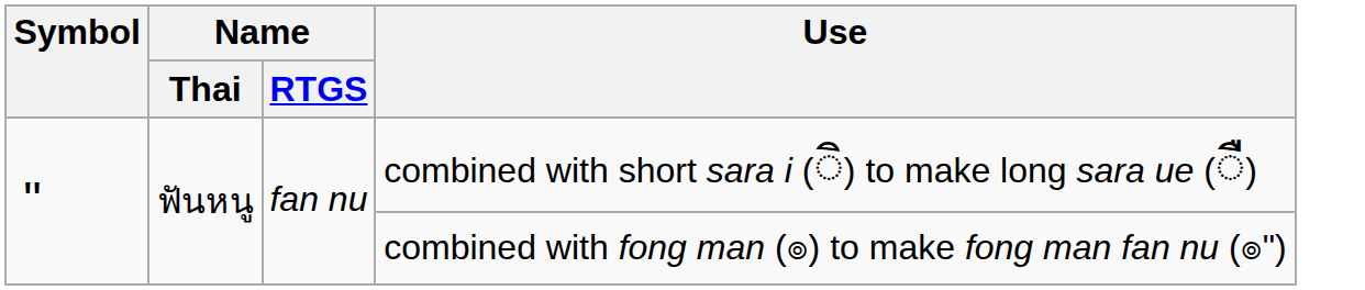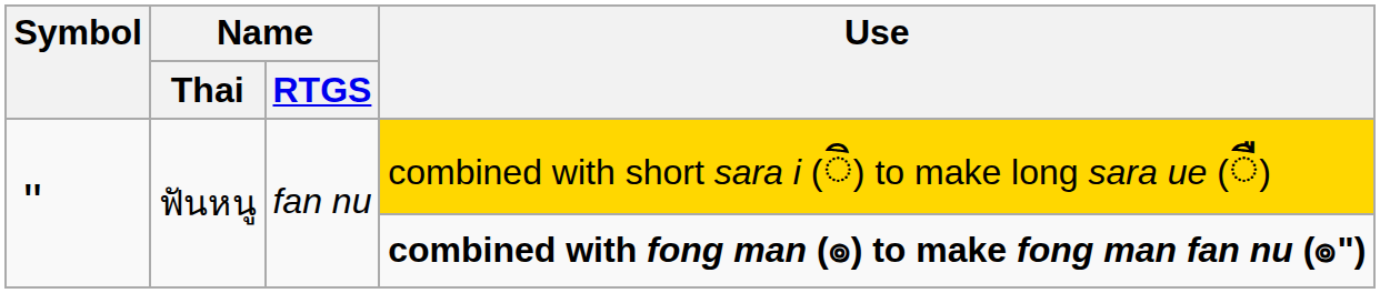 <table class="wikitable">
 <tr valign="top">
 <th rowspan="2">Symbol</th>
 <th colspan="2">Name</th>
 <th rowspan="2">Use</th>
 </tr>
 <tr>
 <th>Thai</th>
 <th><a href='#'>RTGS</a></th>
 </tr>
 <tr>
 <td rowspan="2"> <big><big>"</big></big></td>
 <td rowspan="2">ฟันหนู</td>
 <td rowspan="2"><em>fan nu</em></td>
-<td>combined with short <em>sara i</em> (<big><big>◌ิ</big></big>) to make long <em>sara ue</em> (<big><big>◌ื</big></big>)</td>
+<td style="background: gold;">combined with short <em>sara i</em> (<big><big>◌ิ</big></big>) to make long <em>sara ue</em> (<big><big>◌ื</big></big>)</td>
 </tr>
 <tr>
-<td>combined with <em>fong man</em> (๏) to make <em>fong man fan nu</em> (๏<span>"</span>)</td>
+<td><strong>combined with <em>fong man</em> (๏) to make <em>fong man fan nu</em> (๏<span>"</span>)</strong></td>
 </tr>
 </table>
